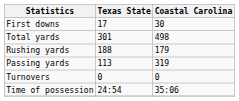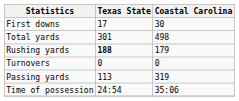 <table class="wikitable">
 <tr>
 <th>Statistics</th>
 <th>Texas State</th>
 <th>Coastal Carolina</th>
 </tr>
 <tr>
 <td>First downs</td>
 <td>17</td>
 <td>30</td>
 </tr>
 <tr>
 <td>Total yards</td>
 <td>301</td>
 <td>498</td>
 </tr>
 <tr>
 <td>Rushing yards</td>
-<td>188</td>
+<td><strong>188</strong></td>
 <td>179</td>
+</tr>
+<tr>
+<td>Turnovers</td>
+<td>0</td>
+<td>0</td>
 </tr>
 <tr>
 <td>Passing yards</td>
 <td>113</td>
 <td>319</td>
-</tr>
-<tr>
-<td>Turnovers</td>
-<td>0</td>
-<td>0</td>
 </tr>
 <tr>
 <td>Time of possession</td>
 <td>24:54</td>
 <td>35:06</td>
 </tr>
 <tr>
 </tr>
 </table>
